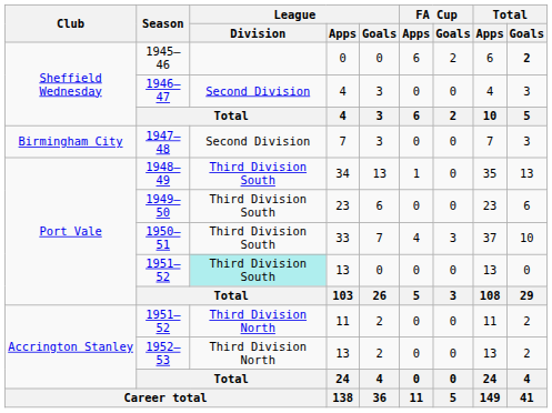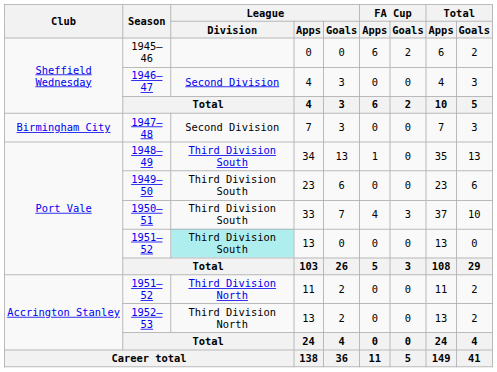 <table class="wikitable" style="text-align: center;">
 <tr>
 <th rowspan="2">Club</th>
 <th rowspan="2">Season</th>
 <th colspan="3">League</th>
 <th colspan="2">FA Cup</th>
 <th colspan="2">Total</th>
 </tr>
 <tr>
 <th>Division</th>
 <th>Apps</th>
 <th>Goals</th>
 <th>Apps</th>
 <th>Goals</th>
 <th>Apps</th>
 <th>Goals</th>
 </tr>
 <tr>
 <td rowspan="3"><a href='#'>Sheffield Wednesday</a></td>
 <td>1945–46</td>
 <td></td>
 <td>0</td>
 <td>0</td>
 <td>6</td>
 <td>2</td>
 <td>6</td>
-<td><strong>2</strong></td>
+<td>2</td>
 </tr>
 <tr>
 <td><a href='#'>1946–47</a></td>
 <td><a href='#'>Second Division</a></td>
 <td>4</td>
 <td>3</td>
 <td>0</td>
 <td>0</td>
 <td>4</td>
 <td>3</td>
 </tr>
 <tr>
 <th colspan="2">Total</th>
 <th>4</th>
 <th>3</th>
 <th>6</th>
 <th>2</th>
 <th>10</th>
 <th>5</th>
 </tr>
 <tr>
 <td><a href='#'>Birmingham City</a></td>
 <td><a href='#'>1947–48</a></td>
 <td>Second Division</td>
 <td>7</td>
 <td>3</td>
 <td>0</td>
 <td>0</td>
 <td>7</td>
 <td>3</td>
 </tr>
 <tr>
 <td rowspan="5"><a href='#'>Port Vale</a></td>
 <td><a href='#'>1948–49</a></td>
 <td><a href='#'>Third Division South</a></td>
 <td>34</td>
 <td>13</td>
 <td>1</td>
 <td>0</td>
 <td>35</td>
 <td>13</td>
 </tr>
 <tr>
 <td><a href='#'>1949–50</a></td>
 <td>Third Division South</td>
 <td>23</td>
 <td>6</td>
 <td>0</td>
 <td>0</td>
 <td>23</td>
 <td>6</td>
 </tr>
 <tr>
 <td><a href='#'>1950–51</a></td>
 <td>Third Division South</td>
 <td>33</td>
 <td>7</td>
 <td>4</td>
 <td>3</td>
 <td>37</td>
 <td>10</td>
 </tr>
 <tr>
 <td><a href='#'>1951–52</a></td>
 <td style="background: paleturquoise;">Third Division South</td>
 <td>13</td>
 <td>0</td>
 <td>0</td>
 <td>0</td>
 <td>13</td>
 <td>0</td>
 </tr>
 <tr>
 <th colspan="2">Total</th>
 <th>103</th>
 <th>26</th>
 <th>5</th>
 <th>3</th>
 <th>108</th>
 <th>29</th>
 </tr>
 <tr>
 <td rowspan="3"><a href='#'>Accrington Stanley</a></td>
 <td><a href='#'>1951–52</a></td>
 <td><a href='#'>Third Division North</a></td>
 <td>11</td>
 <td>2</td>
 <td>0</td>
 <td>0</td>
 <td>11</td>
 <td>2</td>
 </tr>
 <tr>
 <td><a href='#'>1952–53</a></td>
 <td>Third Division North</td>
 <td>13</td>
 <td>2</td>
 <td>0</td>
 <td>0</td>
 <td>13</td>
 <td>2</td>
 </tr>
 <tr>
 <th colspan="2">Total</th>
 <th>24</th>
 <th>4</th>
 <th>0</th>
 <th>0</th>
 <th>24</th>
 <th>4</th>
 </tr>
 <tr>
 <th colspan="3">Career total</th>
 <th>138</th>
 <th>36</th>
 <th>11</th>
 <th>5</th>
 <th>149</th>
 <th>41</th>
 </tr>
 </table>
